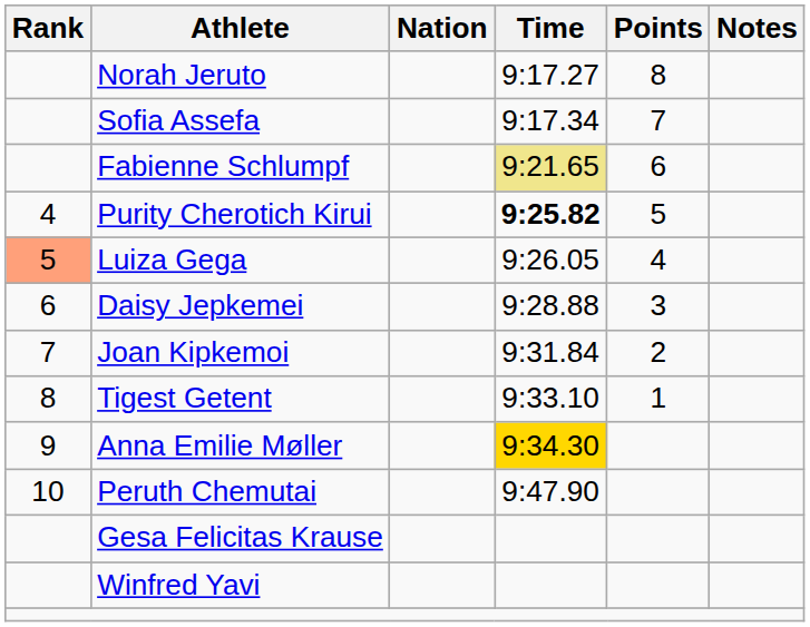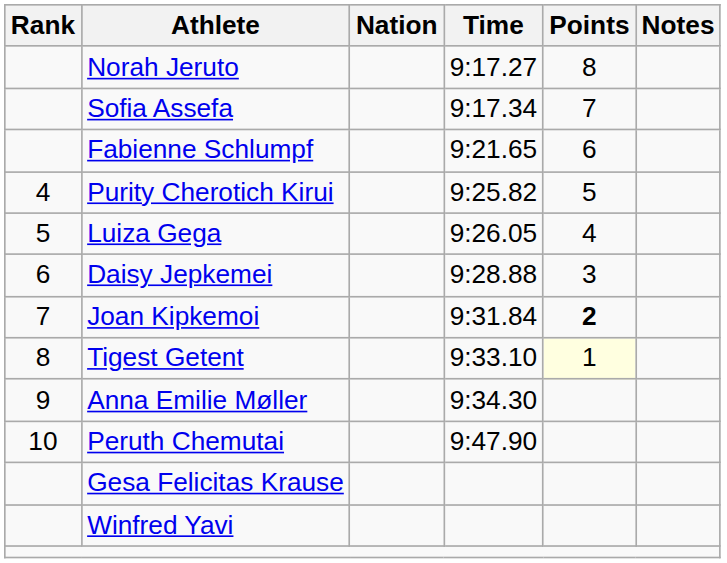 <table class="wikitable sortable" style="text-align:center;">
 <tr>
 <th scope="col" style="width: 10px;">Rank</th>
 <th scope="col">Athlete</th>
 <th scope="col">Nation</th>
 <th scope="col">Time</th>
 <th scope="col">Points</th>
 <th scope="col">Notes</th>
 </tr>
 <tr>
 <td></td>
 <td align=left><a href='#'>Norah Jeruto</a></td>
 <td align=left></td>
 <td>9:17.27</td>
 <td>8</td>
 <td></td>
 </tr>
 <tr>
 <td></td>
 <td align=left><a href='#'>Sofia Assefa</a></td>
 <td align=left></td>
 <td>9:17.34</td>
 <td>7</td>
 <td></td>
 </tr>
 <tr>
 <td></td>
 <td align=left><a href='#'>Fabienne Schlumpf</a></td>
 <td align=left></td>
-<td style="background: khaki;">9:21.65</td>
+<td>9:21.65</td>
 <td>6</td>
 <td><strong></strong></td>
 </tr>
 <tr>
 <td>4</td>
 <td align=left><a href='#'>Purity Cherotich Kirui</a></td>
 <td align=left></td>
-<td><strong>9:25.82</strong></td>
+<td>9:25.82</td>
 <td>5</td>
 <td></td>
 </tr>
 <tr>
-<td style="background: lightsalmon;">5</td>
+<td>5</td>
 <td align=left><a href='#'>Luiza Gega</a></td>
 <td align=left></td>
 <td>9:26.05</td>
 <td>4</td>
 <td><strong></strong></td>
 </tr>
 <tr>
 <td>6</td>
 <td align=left><a href='#'>Daisy Jepkemei</a></td>
 <td align=left></td>
 <td>9:28.88</td>
 <td>3</td>
 <td></td>
 </tr>
 <tr>
 <td>7</td>
 <td align=left><a href='#'>Joan Kipkemoi</a></td>
 <td align=left></td>
 <td>9:31.84</td>
-<td>2</td>
+<td><strong>2</strong></td>
 <td></td>
 </tr>
 <tr>
 <td>8</td>
 <td align=left><a href='#'>Tigest Getent</a></td>
 <td align=left></td>
 <td>9:33.10</td>
-<td>1</td>
+<td style="background: lightyellow;">1</td>
 <td></td>
 </tr>
 <tr>
 <td>9</td>
 <td align=left><a href='#'>Anna Emilie Møller</a></td>
 <td align=left></td>
-<td style="background: gold;">9:34.30</td>
+<td>9:34.30</td>
 <td></td>
 <td></td>
 </tr>
 <tr>
 <td>10</td>
 <td align=left><a href='#'>Peruth Chemutai</a></td>
 <td align=left></td>
 <td>9:47.90</td>
 <td></td>
 <td></td>
 </tr>
 <tr>
 <td></td>
 <td align="left"><a href='#'>Gesa Felicitas Krause</a></td>
 <td align="left"></td>
 <td></td>
 <td></td>
 <td></td>
 </tr>
 <tr>
 <td></td>
 <td align="left"><a href='#'>Winfred Yavi</a></td>
 <td align="left"></td>
 <td></td>
 <td></td>
 <td></td>
 </tr>
 <tr class="sortbottom">
 <td colspan="6"></td>
 </tr>
 </table>
